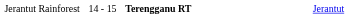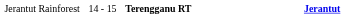 <table width=100% cellspacing=1>
 <tr>
 <th width=25%></th>
 <th width=10%></th>
 <th></th>
 </tr>
 <tr>
 </tr>
 <tr style=font-size:90%>
 <td align=right>Jerantut Rainforest </td>
 <td align=center>14 - 15</td>
 <td> <strong>Terengganu RT</strong></td>
-<td><a href='#'>Jerantut</a></td>
+<td><strong><a href='#'>Jerantut</a></strong></td>
 </tr>
 </table>
